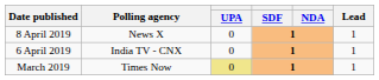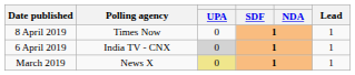 <table class="wikitable sortable" style="text-align:center;font-size:95%;line-height:16px">
 <tr>
 <th rowspan="2" width="100px">Date published</th>
 <th rowspan="2" width="175px">Polling agency</th>
 <th style="background:"></th>
 <th style="background:"></th>
 <th style="background:"></th>
 <th rowspan="2" width="50px">Lead</th>
 </tr>
 <tr>
 <th width="50px" class="unsortable"><a href='#'>UPA</a></th>
 <th width="50px" class="unsortable"><a href='#'>SDF</a></th>
 <th width="50px" class="unsortable"><a href='#'>NDA</a></th>
 </tr>
 <tr>
 <td>8 April 2019</td>
-<td>News X</td>
+<td>Times Now</td>
 <td>0</td>
 <td colspan="2" style="background:#F9BC7F"><strong>1</strong></td>
 <td style="background:"><span>1</span></td>
 </tr>
 <tr>
 <td>6 April 2019</td>
 <td>India TV - CNX</td>
-<td>0</td>
+<td style="background: lightgrey;">0</td>
 <td colspan="2" style="background:#F9BC7F"><strong>1</strong></td>
 <td style="background:"><span>1</span></td>
 </tr>
 <tr>
 <td>March 2019</td>
-<td>Times Now</td>
+<td>News X</td>
 <td style="background: khaki;">0</td>
 <td colspan="2" style="background:#F9BC7F"><strong>1</strong></td>
 <td style="background:"><span>1</span></td>
 </tr>
 </table>
